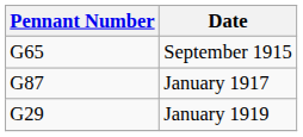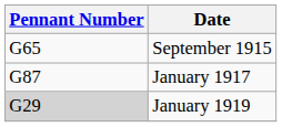 <table class="wikitable" style="text-align:left">
 <tr>
 <th><a href='#'>Pennant Number</a></th>
 <th>Date</th>
 </tr>
 <tr>
 <td>G65</td>
 <td>September 1915</td>
 </tr>
 <tr>
 <td>G87</td>
 <td>January 1917</td>
 </tr>
 <tr>
-<td>G29</td>
+<td style="background: lightgrey;">G29</td>
 <td>January 1919</td>
 </tr>
 <tr>
 </tr>
 </table>
